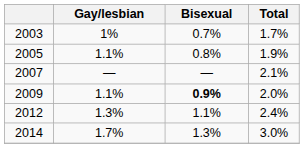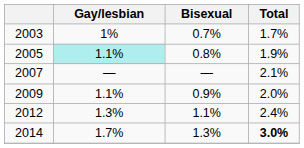 <table class="wikitable sortable" border="1" style="text-align:center; width:30%">
 <tr>
 <th></th>
 <th>Gay/lesbian</th>
 <th>Bisexual</th>
 <th>Total</th>
 </tr>
 <tr>
 <td>2003</td>
 <td>1%</td>
 <td>0.7%</td>
 <td>1.7%</td>
 </tr>
 <tr>
 <td>2005</td>
-<td>1.1%</td>
+<td style="background: paleturquoise;">1.1%</td>
 <td>0.8%</td>
 <td>1.9%</td>
 </tr>
 <tr>
 <td>2007</td>
 <td>—</td>
 <td>—</td>
 <td>2.1%</td>
 </tr>
 <tr>
 <td>2009</td>
 <td>1.1%</td>
-<td><strong>0.9%</strong></td>
+<td>0.9%</td>
 <td>2.0%</td>
 </tr>
 <tr>
 <td>2012</td>
 <td>1.3%</td>
 <td>1.1%</td>
 <td>2.4%</td>
 </tr>
 <tr>
 <td>2014</td>
 <td>1.7%</td>
 <td>1.3%</td>
-<td>3.0%</td>
+<td><strong>3.0%</strong></td>
 </tr>
 <tr>
 </tr>
 </table>
